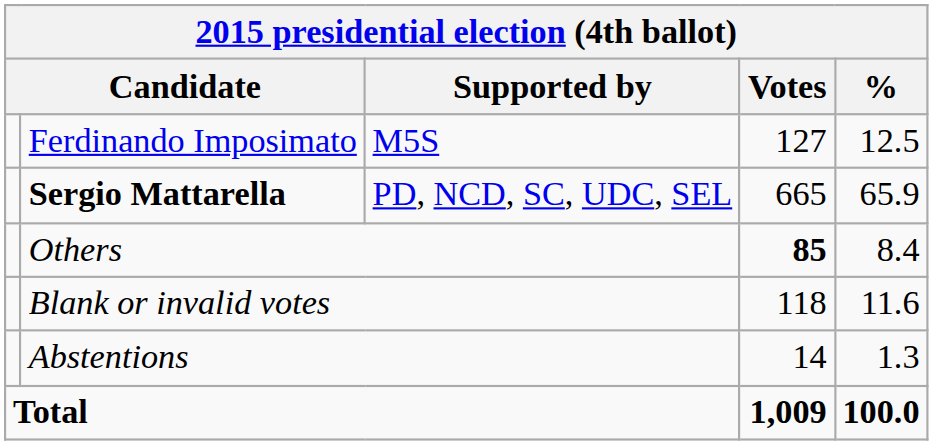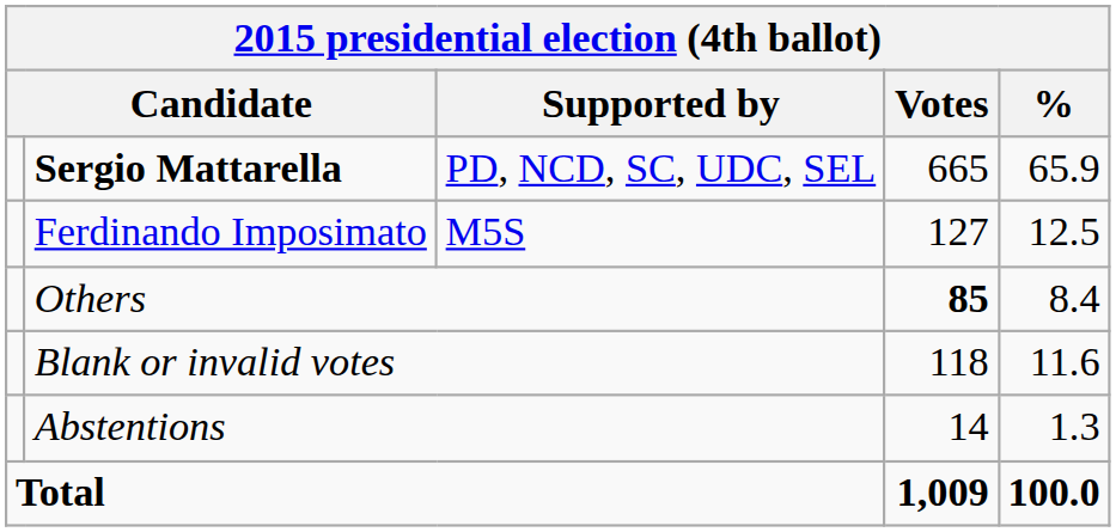 <table class=wikitable style=text-align:right>
 <tr>
 <th colspan=5><a href='#'>2015 presidential election</a> (4th ballot)</th>
 </tr>
 <tr>
 <th colspan=2>Candidate</th>
 <th>Supported by</th>
 <th>Votes</th>
 <th>%</th>
 </tr>
 <tr>
 <td></td>
+<td align=left><strong>Sergio Mattarella</strong></td>
+<td align=left><a href='#'>PD</a>, <a href='#'>NCD</a>, <a href='#'>SC</a>, <a href='#'>UDC</a>, <a href='#'>SEL</a></td>
+<td>665</td>
+<td>65.9</td>
+</tr>
+<tr>
+<td></td>
 <td align=left><a href='#'>Ferdinando Imposimato</a></td>
 <td align=left><a href='#'>M5S</a></td>
 <td>127</td>
 <td>12.5</td>
-</tr>
-<tr>
-<td></td>
-<td align=left><strong>Sergio Mattarella</strong></td>
-<td align=left><a href='#'>PD</a>, <a href='#'>NCD</a>, <a href='#'>SC</a>, <a href='#'>UDC</a>, <a href='#'>SEL</a></td>
-<td>665</td>
-<td>65.9</td>
 </tr>
 <tr>
 <td></td>
 <td align=left colspan=2><em>Others</em></td>
 <td><strong>85</strong></td>
 <td>8.4</td>
 </tr>
 <tr>
 <td></td>
 <td align=left colspan=2><em>Blank or invalid votes</em></td>
 <td>118</td>
 <td>11.6</td>
 </tr>
 <tr>
 <td></td>
 <td align=left colspan=2><em>Abstentions</em></td>
 <td>14</td>
 <td>1.3</td>
 </tr>
 <tr>
 <td align=left colspan=3><strong>Total</strong></td>
 <td><strong>1,009</strong></td>
 <td><strong>100.0</strong></td>
 </tr>
 </table>
